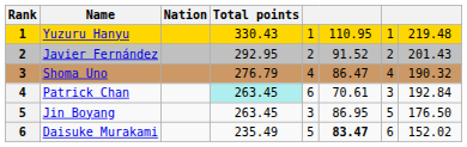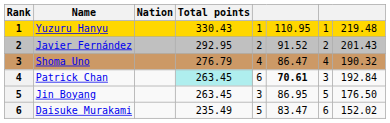 <table class="wikitable sortable">
 <tr>
 <th>Rank</th>
 <th>Name</th>
 <th>Nation</th>
 <th>Total points</th>
 <th colspan="2" width="80px"></th>
 <th colspan="2" width="80px"></th>
 </tr>
 <tr bgcolor="gold">
 <td align="center"><strong>1</strong></td>
 <td><a href='#'>Yuzuru Hanyu</a></td>
 <td></td>
 <td align="center">330.43</td>
 <td align="center">1</td>
 <td align="center">110.95</td>
 <td align="center">1</td>
 <td align="center">219.48</td>
 </tr>
 <tr bgcolor="silver">
 <td align="center"><strong>2</strong></td>
 <td><a href='#'>Javier Fernández</a></td>
 <td></td>
 <td align="center">292.95</td>
 <td align="center">2</td>
 <td align="center">91.52</td>
 <td align="center">2</td>
 <td align="center">201.43</td>
 </tr>
 <tr bgcolor="cc9966">
 <td align="center"><strong>3</strong></td>
 <td><a href='#'>Shoma Uno</a></td>
 <td></td>
 <td align="center">276.79</td>
 <td align="center">4</td>
 <td align="center">86.47</td>
 <td align="center">4</td>
 <td align="center">190.32</td>
 </tr>
 <tr>
 <th>4</th>
 <td><a href='#'>Patrick Chan</a></td>
 <td></td>
 <td align="center" style="background: paleturquoise;">263.45</td>
 <td align="center">6</td>
-<td align="center">70.61</td>
+<td align="center"><strong>70.61</strong></td>
 <td align="center">3</td>
 <td align="center">192.84</td>
 </tr>
 <tr>
 <th>5</th>
 <td><a href='#'>Jin Boyang</a></td>
 <td></td>
 <td align="center">263.45</td>
 <td align="center">3</td>
 <td align="center">86.95</td>
 <td align="center">5</td>
 <td align="center">176.50</td>
 </tr>
 <tr>
 <th>6</th>
 <td><a href='#'>Daisuke Murakami</a></td>
 <td></td>
 <td align="center">235.49</td>
 <td align="center">5</td>
-<td align="center"><strong>83.47</strong></td>
+<td align="center">83.47</td>
 <td align="center">6</td>
 <td align="center">152.02</td>
 </tr>
 </table>
